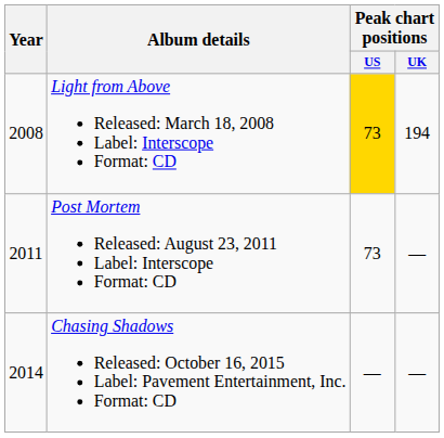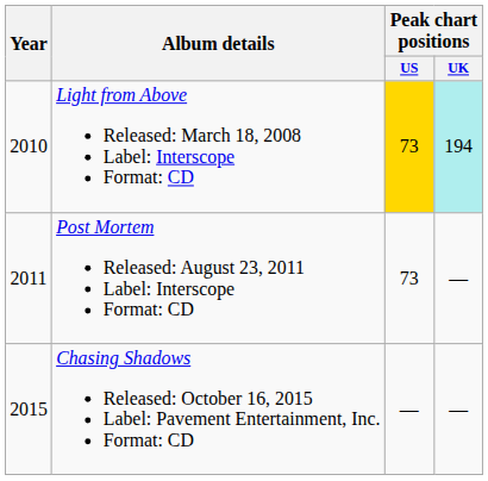 <table class="wikitable" border="1">
 <tr>
 <th rowspan="2">Year</th>
 <th rowspan="2">Album details</th>
 <th colspan="2">Peak chart positions</th>
 </tr>
 <tr>
 <th style="width:3em;font-size:75%"><a href='#'>US</a><br></th>
 <th style="width:3em;font-size:75%"><a href='#'>UK</a><br></th>
 </tr>
 <tr>
-<td align="center">2008</td>
+<td align="center">2010</td>
 <td><em><a href='#'>Light from Above</a></em><br><ul><li>Released: March 18, 2008</li><li>Label: <a href='#'>Interscope</a></li><li>Format: <a href='#'>CD</a></li></ul></td>
 <td align="center" style="background: gold;">73</td>
-<td align="center">194</td>
+<td align="center" style="background: paleturquoise;">194</td>
 </tr>
 <tr>
 <td align="center">2011</td>
 <td><em><a href='#'>Post Mortem</a></em><br><ul><li>Released: August 23, 2011</li><li>Label: Interscope</li><li>Format: CD</li></ul></td>
 <td align="center">73</td>
 <td align="center">—</td>
 </tr>
 <tr>
-<td align="center">2014</td>
+<td align="center">2015</td>
 <td><em><a href='#'>Chasing Shadows</a></em><br><ul><li>Released: October 16, 2015</li><li>Label: Pavement Entertainment, Inc.</li><li>Format: CD</li></ul></td>
 <td align="center">—</td>
 <td align="center">—</td>
 </tr>
 </table>
